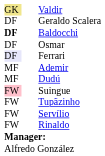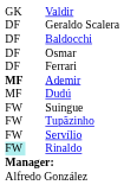 <table cellspacing="0" cellpadding="0" style="font-size:90%; margin:0.2em auto;">
 <tr>
 <th width="25"></th>
 <th width="25"></th>
 </tr>
 <tr>
-<td style="background: khaki;">GK</td>
+<td>GK</td>
 <td></td>
 <td> <a href='#'>Valdir</a></td>
 </tr>
 <tr>
 <td>DF</td>
 <td></td>
 <td> Geraldo Scalera</td>
 </tr>
 <tr>
-<td><strong>DF</strong></td>
+<td>DF</td>
 <td></td>
 <td> <a href='#'>Baldocchi</a></td>
 </tr>
 <tr>
 <td>DF</td>
 <td></td>
 <td> Osmar</td>
 </tr>
 <tr>
-<td style="background: lavender;">DF</td>
+<td>DF</td>
 <td></td>
 <td> Ferrari</td>
 </tr>
 <tr>
-<td>MF</td>
+<td><strong>MF</strong></td>
 <td></td>
 <td> <a href='#'>Ademir</a></td>
 </tr>
 <tr>
 <td>MF</td>
 <td></td>
 <td> <a href='#'>Dudú</a></td>
 </tr>
 <tr>
-<td style="background: pink;">FW</td>
+<td>FW</td>
 <td></td>
 <td> Suingue</td>
 </tr>
 <tr>
 <td>FW</td>
 <td></td>
 <td> <a href='#'>Tupãzinho</a></td>
 </tr>
 <tr>
 <td>FW</td>
 <td></td>
 <td> <a href='#'>Servílio</a></td>
 </tr>
 <tr>
-<td>FW</td>
+<td style="background: paleturquoise;">FW</td>
 <td></td>
 <td> <a href='#'>Rinaldo</a></td>
 </tr>
 <tr>
 <td colspan=3><strong>Manager:</strong></td>
 </tr>
 <tr>
 <td colspan=4> Alfredo González</td>
 </tr>
 </table>
